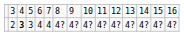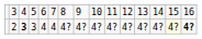 <table class="wikitable">
 <tr>
 <td></td>
 <td>3</td>
 <td>4</td>
 <td>5</td>
 <td>6</td>
 <td>7</td>
 <td>8</td>
 <td>9</td>
 <td>10</td>
 <td>11</td>
 <td>12</td>
 <td>13</td>
 <td>14</td>
 <td>15</td>
 <td>16</td>
 </tr>
 <tr>
 <td></td>
 <td>2</td>
 <td><strong>3</strong></td>
 <td>3</td>
 <td>4</td>
 <td>4</td>
 <td>4?</td>
 <td>4?</td>
 <td>4?</td>
 <td>4?</td>
 <td>4?</td>
 <td>4?</td>
 <td>4?</td>
-<td>4?</td>
-<td>4?</td>
+<td style="background: lightyellow;">4?</td>
+<td><strong>4?</strong></td>
 </tr>
 </table>
